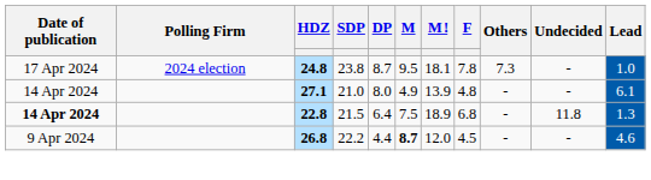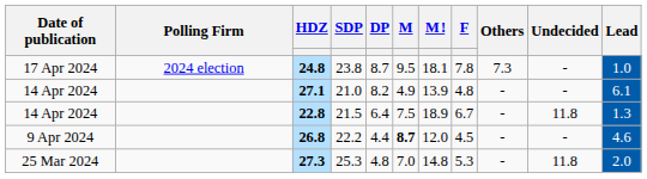 <table class="wikitable sortable" style="text-align:center; font-size:90%; line-height:16px;">
 <tr style="height:42px;">
 <th style="width:100px;" rowspan="2">Date of publication</th>
 <th style="width:165px;" rowspan="2">Polling Firm</th>
 <th><a href='#'>HDZ</a></th>
 <th><a href='#'>SDP</a></th>
 <th><a href='#'>DP</a></th>
 <th><a href='#'>M</a></th>
 <th style="letter-spacing:-1px;"><a href='#'>M !</a></th>
 <th><a href='#'>F</a></th>
 <th class="unsortable" style="width:40px;" rowspan="2">Others</th>
 <th class="unsortable" style="width:40px;" rowspan="2">Undecided</th>
 <th class="unsortable" style="width:20px;" rowspan="2">Lead</th>
 </tr>
 <tr>
 <th style="color:inherit;background:"></th>
 <th data-sort-type="number" style="color:inherit;background:"></th>
 <th style="color:inherit;background:"></th>
 <th style="color:inherit;background:"></th>
 <th style="color:inherit;background:"></th>
 <th style="color:inherit;background:"></th>
 </tr>
 <tr>
 <td>17 Apr 2024</td>
 <td><a href='#'>2024 election</a></td>
 <td style="background:#B3E0FF"><strong>24.8</strong></td>
 <td>23.8</td>
 <td>8.7</td>
 <td>9.5</td>
 <td>18.1</td>
 <td>7.8</td>
 <td>7.3</td>
 <td>-</td>
 <td style="background:#005BAA; color: white">1.0</td>
 </tr>
 <tr>
 <td>14 Apr 2024</td>
 <td></td>
 <td style="background:#B3E0FF"><strong>27.1</strong></td>
 <td>21.0</td>
-<td>8.0</td>
+<td>8.2</td>
 <td>4.9</td>
 <td>13.9</td>
 <td>4.8</td>
 <td>-</td>
 <td>-</td>
 <td style="background:#005BAA; color: white">6.1</td>
 </tr>
 <tr>
-<td><strong>14 Apr 2024</strong></td>
+<td>14 Apr 2024</td>
 <td></td>
 <td style="background:#B3E0FF"><strong>22.8</strong></td>
 <td>21.5</td>
 <td>6.4</td>
 <td>7.5</td>
 <td>18.9</td>
-<td>6.8</td>
+<td>6.7</td>
 <td>-</td>
 <td>11.8</td>
 <td style="background:#005BAA; color: white">1.3</td>
 </tr>
 <tr>
 <td>9 Apr 2024</td>
 <td></td>
 <td style="background:#B3E0FF"><strong>26.8</strong></td>
 <td>22.2</td>
 <td>4.4</td>
 <td><strong>8.7</strong></td>
 <td>12.0</td>
 <td>4.5</td>
 <td>-</td>
 <td>-</td>
 <td style="background:#005BAA; color: white">4.6</td>
 </tr>
+<tr>
+<td>25 Mar 2024</td>
+<td></td>
+<td style="background:#B3E0FF"><strong>27.3</strong></td>
+<td>25.3</td>
+<td>4.8</td>
+<td>7.0</td>
+<td>14.8</td>
+<td>5.3</td>
+<td>-</td>
+<td>11.8</td>
+<td style="background:#005BAA; color: white">2.0</td>
+</tr>
 </table>
